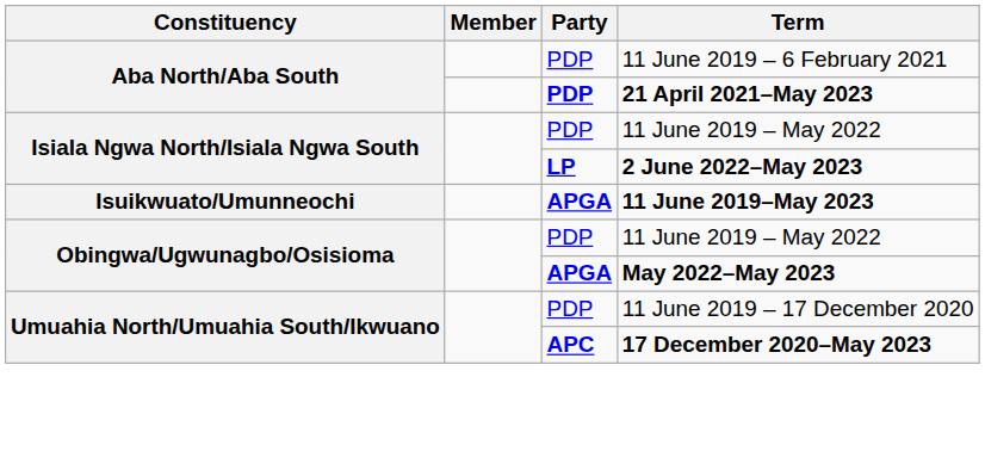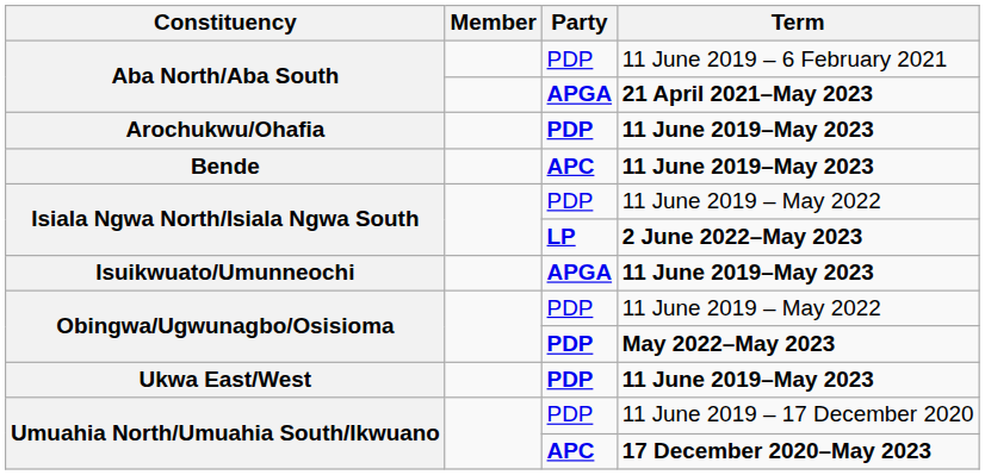 <table class="wikitable">
 <tr valign=bottom>
 <th>Constituency</th>
 <th>Member</th>
 <th>Party</th>
 <th>Term</th>
 </tr>
 <tr>
 <th rowspan=2>Aba North/Aba South</th>
 <td style="opacity:.4;"></td>
 <td><a href='#'>PDP</a></td>
 <td>11 June 2019 – 6 February 2021</td>
 </tr>
 <tr>
 <td><strong></strong></td>
+<td><strong><a href='#'>APGA</a></strong></td>
+<td><strong>21 April 2021–May 2023</strong></td>
+</tr>
+<tr>
+<th>Arochukwu/Ohafia</th>
+<td><strong></strong></td>
 <td><strong><a href='#'>PDP</a></strong></td>
-<td><strong>21 April 2021–May 2023</strong></td>
+<td><strong>11 June 2019–May 2023</strong></td>
+</tr>
+<tr>
+<th>Bende</th>
+<td><strong></strong></td>
+<td><strong><a href='#'>APC</a></strong></td>
+<td><strong>11 June 2019–May 2023</strong></td>
 </tr>
 <tr>
 <th rowspan=2>Isiala Ngwa North/Isiala Ngwa South</th>
 <td rowspan=2><strong></strong></td>
 <td><a href='#'>PDP</a></td>
 <td>11 June 2019 – May 2022</td>
 </tr>
 <tr>
 <td><strong><a href='#'>LP</a></strong></td>
 <td><strong>2 June 2022–May 2023</strong></td>
 </tr>
 <tr>
 <th>Isuikwuato/Umunneochi</th>
 <td><strong></strong></td>
 <td><strong><a href='#'>APGA</a></strong></td>
 <td><strong>11 June 2019–May 2023</strong></td>
 </tr>
 <tr>
 <th rowspan=2>Obingwa/Ugwunagbo/Osisioma</th>
 <td rowspan=2><strong></strong></td>
 <td><a href='#'>PDP</a></td>
 <td>11 June 2019 – May 2022</td>
 </tr>
 <tr>
-<td><strong><a href='#'>APGA</a></strong></td>
+<td><strong><a href='#'>PDP</a></strong></td>
 <td><strong>May 2022–May 2023</strong></td>
+</tr>
+<tr>
+<th>Ukwa East/West</th>
+<td><strong></strong></td>
+<td><strong><a href='#'>PDP</a></strong></td>
+<td><strong>11 June 2019–May 2023</strong></td>
 </tr>
 <tr>
 <th rowspan=2>Umuahia North/Umuahia South/Ikwuano</th>
 <td rowspan=2><strong></strong></td>
 <td><a href='#'>PDP</a></td>
 <td>11 June 2019 – 17 December 2020</td>
 </tr>
 <tr>
 <td><strong><a href='#'>APC</a></strong></td>
 <td><strong>17 December 2020–May 2023</strong></td>
 </tr>
 </table>
